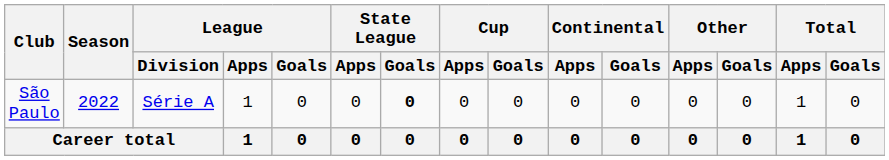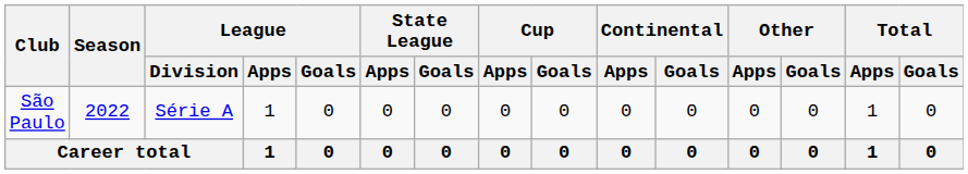 <table class="wikitable" style="text-align: center">
 <tr>
 <th rowspan="2">Club</th>
 <th rowspan="2">Season</th>
 <th colspan="3">League</th>
 <th colspan="2">State League</th>
 <th colspan="2">Cup</th>
 <th colspan="2">Continental</th>
 <th colspan="2">Other</th>
 <th colspan="2">Total</th>
 </tr>
 <tr>
 <th>Division</th>
 <th>Apps</th>
 <th>Goals</th>
 <th>Apps</th>
 <th>Goals</th>
 <th>Apps</th>
 <th>Goals</th>
 <th>Apps</th>
 <th>Goals</th>
 <th>Apps</th>
 <th>Goals</th>
 <th>Apps</th>
 <th>Goals</th>
 </tr>
 <tr>
 <td><a href='#'>São Paulo</a></td>
 <td><a href='#'>2022</a></td>
 <td><a href='#'>Série A</a></td>
 <td>1</td>
 <td>0</td>
 <td>0</td>
-<td><strong>0</strong></td>
+<td>0</td>
 <td>0</td>
 <td>0</td>
 <td>0</td>
 <td>0</td>
 <td>0</td>
 <td>0</td>
 <td>1</td>
 <td>0</td>
 </tr>
 <tr>
 <th colspan="3"><strong>Career total</strong></th>
 <th>1</th>
 <th>0</th>
 <th>0</th>
 <th>0</th>
 <th>0</th>
 <th>0</th>
 <th>0</th>
 <th>0</th>
 <th>0</th>
 <th>0</th>
 <th>1</th>
 <th>0</th>
 </tr>
 </table>
